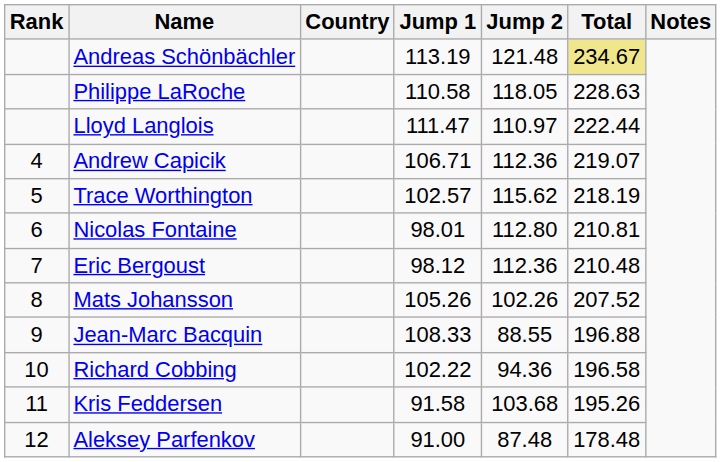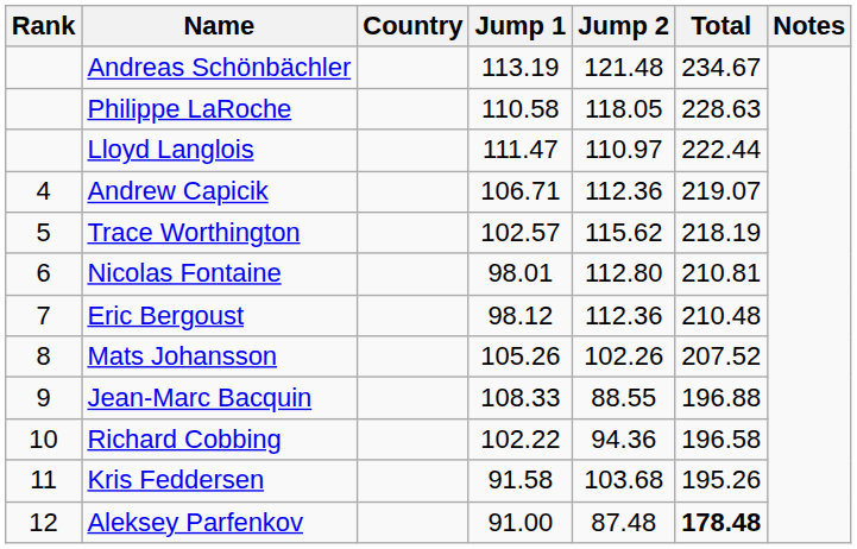 <table class="wikitable sortable" style="text-align:center">
 <tr>
 <th>Rank</th>
 <th>Name</th>
 <th>Country</th>
 <th>Jump 1</th>
 <th>Jump 2</th>
 <th>Total</th>
 <th>Notes</th>
 </tr>
 <tr>
 <td></td>
 <td align=left><a href='#'>Andreas Schönbächler</a></td>
 <td align=left></td>
 <td>113.19</td>
 <td>121.48</td>
-<td style="background: khaki;">234.67</td>
+<td>234.67</td>
 </tr>
 <tr>
 <td></td>
 <td align=left><a href='#'>Philippe LaRoche</a></td>
 <td align=left></td>
 <td>110.58</td>
 <td>118.05</td>
 <td>228.63</td>
 </tr>
 <tr>
 <td></td>
 <td align=left><a href='#'>Lloyd Langlois</a></td>
 <td align=left></td>
 <td>111.47</td>
 <td>110.97</td>
 <td>222.44</td>
 </tr>
 <tr>
 <td>4</td>
 <td align=left><a href='#'>Andrew Capicik</a></td>
 <td align=left></td>
 <td>106.71</td>
 <td>112.36</td>
 <td>219.07</td>
 </tr>
 <tr>
 <td>5</td>
 <td align=left><a href='#'>Trace Worthington</a></td>
 <td align=left></td>
 <td>102.57</td>
 <td>115.62</td>
 <td>218.19</td>
 </tr>
 <tr>
 <td>6</td>
 <td align=left><a href='#'>Nicolas Fontaine</a></td>
 <td align=left></td>
 <td>98.01</td>
 <td>112.80</td>
 <td>210.81</td>
 </tr>
 <tr>
 <td>7</td>
 <td align=left><a href='#'>Eric Bergoust</a></td>
 <td align=left></td>
 <td>98.12</td>
 <td>112.36</td>
 <td>210.48</td>
 </tr>
 <tr>
 <td>8</td>
 <td align=left><a href='#'>Mats Johansson</a></td>
 <td align=left></td>
 <td>105.26</td>
 <td>102.26</td>
 <td>207.52</td>
 </tr>
 <tr>
 <td>9</td>
 <td align=left><a href='#'>Jean-Marc Bacquin</a></td>
 <td align=left></td>
 <td>108.33</td>
 <td>88.55</td>
 <td>196.88</td>
 </tr>
 <tr>
 <td>10</td>
 <td align=left><a href='#'>Richard Cobbing</a></td>
 <td align=left></td>
 <td>102.22</td>
 <td>94.36</td>
 <td>196.58</td>
 </tr>
 <tr>
 <td>11</td>
 <td align=left><a href='#'>Kris Feddersen</a></td>
 <td align=left></td>
 <td>91.58</td>
 <td>103.68</td>
 <td>195.26</td>
 </tr>
 <tr>
 <td>12</td>
 <td align=left><a href='#'>Aleksey Parfenkov</a></td>
 <td align=left></td>
 <td>91.00</td>
 <td>87.48</td>
-<td>178.48</td>
+<td><strong>178.48</strong></td>
 </tr>
 </table>
